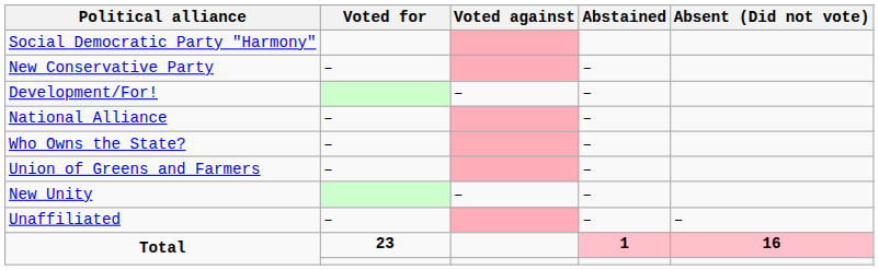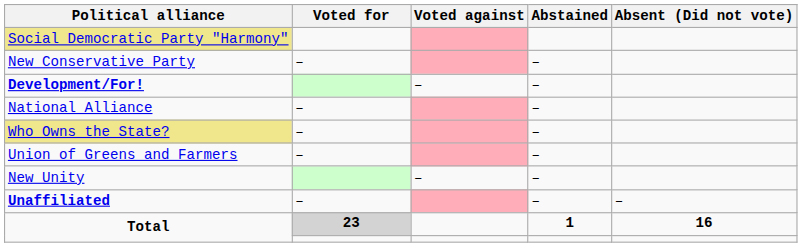 <table class="wikitable">
 <tr>
 <th>Political alliance</th>
 <th style="width:15%;">Voted for</th>
 <th>Voted against</th>
 <th>Abstained</th>
 <th>Absent (Did not vote)</th>
 </tr>
 <tr>
-<td> <a href='#'>Social Democratic Party "Harmony"</a></td>
+<td style="background: khaki;"> <a href='#'>Social Democratic Party "Harmony"</a></td>
 <td></td>
 <td style="background-color:#FFAEB9;"></td>
 <td></td>
 <td></td>
 </tr>
 <tr>
 <td> <a href='#'>New Conservative Party</a></td>
 <td>–</td>
 <td style="background-color:#FFAEB9;"></td>
 <td>–</td>
 <td></td>
 </tr>
 <tr>
-<td> <a href='#'>Development/For!</a></td>
+<td><strong> <a href='#'>Development/For!</a></strong></td>
 <td style="background-color:#CCFFCC;"></td>
 <td>–</td>
 <td>–</td>
 <td></td>
 </tr>
 <tr>
 <td> <a href='#'>National Alliance</a></td>
 <td>–</td>
 <td style="background-color:#FFAEB9;"></td>
 <td>–</td>
 <td></td>
 </tr>
 <tr>
-<td> <a href='#'>Who Owns the State?</a></td>
+<td style="background: khaki;"> <a href='#'>Who Owns the State?</a></td>
 <td>–</td>
 <td style="background-color:#FFAEB9;"></td>
 <td>–</td>
 <td></td>
 </tr>
 <tr>
 <td> <a href='#'>Union of Greens and Farmers</a></td>
 <td>–</td>
 <td style="background-color:#FFAEB9;"></td>
 <td>–</td>
 <td></td>
 </tr>
 <tr>
 <td> <a href='#'>New Unity</a></td>
 <td style="background-color:#CCFFCC;"></td>
 <td>–</td>
 <td>–</td>
 <td></td>
 </tr>
 <tr>
-<td> <a href='#'>Unaffiliated</a></td>
+<td><strong> <a href='#'>Unaffiliated</a></strong></td>
 <td>–</td>
 <td style="background-color:#FFAEB9;"></td>
 <td>–</td>
 <td>–</td>
 </tr>
 <tr>
 <td style="text-align:center;" rowspan="2"><strong>Total</strong></td>
-<td style="text-align:center;"><strong>23</strong></td>
+<td style="background: lightgrey; text-align:center;"><strong>23</strong></td>
 <td></td>
-<td style="background: pink; text-align:center;"><strong>1</strong></td>
-<td style="background: pink; text-align:center;"><strong>16</strong></td>
+<td style="text-align:center;"><strong>1</strong></td>
+<td style="text-align:center;"><strong>16</strong></td>
 </tr>
 <tr>
 <td style="text-align:center;"></td>
 <td style="text-align:center;"></td>
 <td style="text-align:center;"></td>
 <td style="text-align:center;"></td>
 </tr>
 </table>
